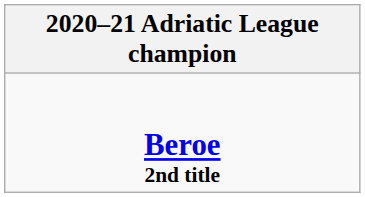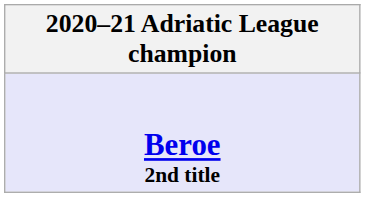 <table class="wikitable" style="margin: 0 auto; width: 30%;">
 <tr>
 <th><big>2020–21 Adriatic League champion</big></th>
 </tr>
 <tr>
-<td align=center><br><br><big><big><strong><a href='#'>Beroe</a></strong> <br></big></big><strong>2nd title</strong></td>
+<td align=center style="background: lavender;"><br><br><big><big><strong><a href='#'>Beroe</a></strong> <br></big></big><strong>2nd title</strong></td>
 </tr>
 </table>
